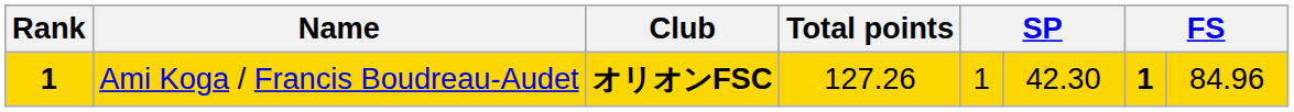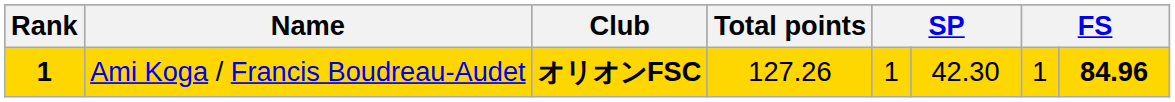 <table class="wikitable sortable">
 <tr>
 <th>Rank</th>
 <th>Name</th>
 <th>Club</th>
 <th>Total points</th>
 <th colspan="2" width="80px"><a href='#'>SP</a></th>
 <th colspan="2" width="80px"><a href='#'>FS</a></th>
 </tr>
 <tr bgcolor="gold">
 <td align="center"><strong>1</strong></td>
 <td><a href='#'>Ami Koga</a> / <a href='#'>Francis Boudreau-Audet</a></td>
 <td><strong>オリオンFSC</strong></td>
 <td align="center">127.26</td>
 <td align="center">1</td>
 <td align="center">42.30</td>
-<td align="center"><strong>1</strong></td>
-<td align="center">84.96</td>
+<td align="center">1</td>
+<td align="center"><strong>84.96</strong></td>
 </tr>
 </table>
